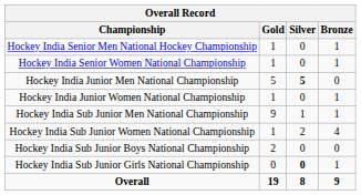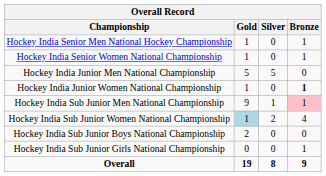 <table class="wikitable" style="text-align: center;">
 <tr>
 <th colspan=9>Overall Record</th>
 </tr>
 <tr>
 <th>Championship</th>
 <th>Gold</th>
 <th>Silver</th>
 <th>Bronze</th>
 </tr>
 <tr>
 <td><a href='#'>Hockey India Senior Men National Hockey Championship</a></td>
 <td>1</td>
 <td>0</td>
 <td>1</td>
 </tr>
 <tr>
 <td><a href='#'>Hockey India Senior Women National Championship</a></td>
 <td>1</td>
 <td>0</td>
 <td>1</td>
 </tr>
 <tr>
 <td>Hockey India Junior Men National Championship</td>
 <td>5</td>
-<td><strong>5</strong></td>
+<td>5</td>
 <td>0</td>
 </tr>
 <tr>
 <td>Hockey India Junior Women National Championship</td>
 <td>1</td>
 <td>0</td>
-<td>1</td>
+<td><strong>1</strong></td>
 </tr>
 <tr>
 <td>Hockey India Sub Junior Men National Championship</td>
 <td>9</td>
 <td>1</td>
-<td>1</td>
+<td style="background: pink;">1</td>
 </tr>
 <tr>
 <td>Hockey India Sub Junior Women National Championship</td>
-<td>1</td>
+<td style="background: lightblue;">1</td>
 <td>2</td>
 <td>4</td>
 </tr>
 <tr>
 <td>Hockey India Sub Junior Boys National Championship</td>
 <td>2</td>
 <td>0</td>
 <td>0</td>
 </tr>
 <tr>
 <td>Hockey India Sub Junior Girls National Championship</td>
 <td>0</td>
-<td><strong>0</strong></td>
+<td>0</td>
 <td>1</td>
 </tr>
 <tr>
 <td><strong>Overall</strong></td>
 <td><strong>19</strong></td>
 <td><strong>8</strong></td>
 <td><strong>9</strong></td>
 </tr>
 </table>
